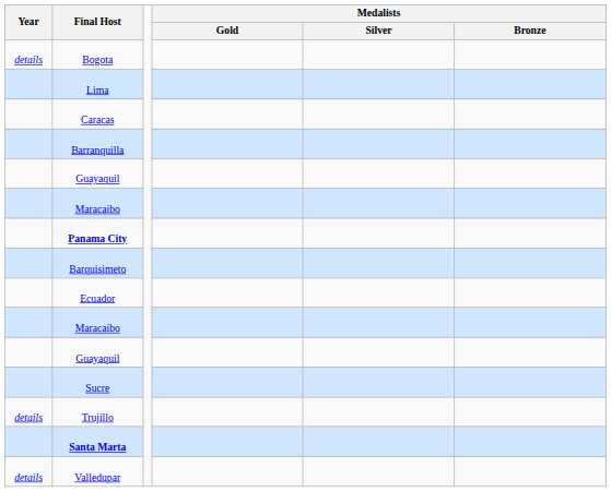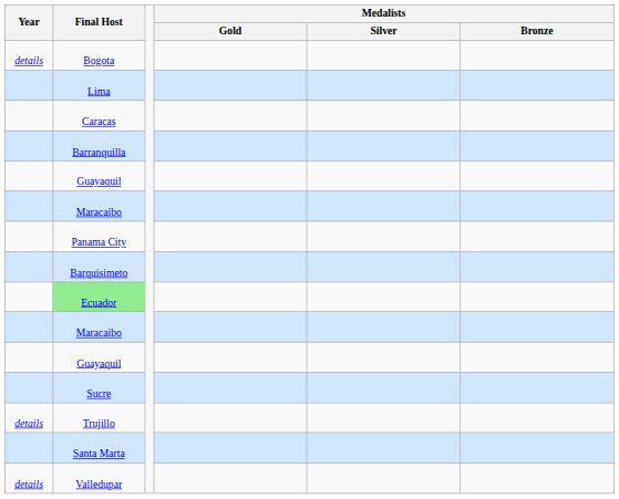 <table class="wikitable" style="font-size:90%; width:65%; text-align: center;">
 <tr>
 <th rowspan="2" style="width:5%;">Year</th>
 <th rowspan="2" style="width:10%;">Final Host</th>
 <td rowspan="50" style="width:1%; border-top:none; border-bottom:none;"></td>
 <th colspan=5>Medalists</th>
 </tr>
 <tr>
 <th width=17%>Gold</th>
 <th colspan="2" style="width:17%;">Silver</th>
 <th colspan="2" style="width:17%;">Bronze</th>
 </tr>
 <tr>
 <td><br><em><a href='#'>details</a></em></td>
 <td><br><a href='#'>Bogota</a></td>
 <td><strong></strong></td>
 <td colspan=2></td>
 <td></td>
 </tr>
 <tr style="background: #D0E6FF;">
 <td></td>
 <td><br><a href='#'>Lima</a></td>
 <td><strong></strong></td>
 <td colspan=2></td>
 <td colspan=2></td>
 </tr>
 <tr>
 <td></td>
 <td><br><a href='#'>Caracas</a></td>
 <td><strong></strong></td>
 <td colspan=2></td>
 <td colspan=2></td>
 </tr>
 <tr style="background: #D0E6FF;">
 <td></td>
 <td><br><a href='#'>Barranquilla</a></td>
 <td><strong></strong></td>
 <td colspan=2></td>
 <td colspan=2></td>
 </tr>
 <tr>
 <td></td>
 <td><br><a href='#'>Guayaquil</a></td>
 <td><strong></strong></td>
 <td colspan=2></td>
 <td colspan=2></td>
 </tr>
 <tr style="background: #D0E6FF;">
 <td></td>
 <td><br><a href='#'>Maracaibo</a></td>
 <td><strong></strong></td>
 <td colspan=2></td>
 <td colspan=2></td>
 </tr>
 <tr>
 <td></td>
-<td><strong><br><a href='#'>Panama City</a></strong></td>
+<td><br><a href='#'>Panama City</a></td>
 <td><strong></strong></td>
 <td colspan=2></td>
 <td colspan=2></td>
 </tr>
 <tr style="background: #D0E6FF;">
 <td></td>
 <td><br><a href='#'>Barquisimeto</a></td>
 <td><strong></strong></td>
 <td colspan=2></td>
 <td colspan=2></td>
 </tr>
 <tr>
 <td></td>
-<td><br><a href='#'>Ecuador</a></td>
+<td style="background: lightgreen;"><br><a href='#'>Ecuador</a></td>
 <td><strong></strong></td>
 <td colspan=2></td>
 <td colspan=2></td>
 </tr>
 <tr style="background: #D0E6FF;">
 <td></td>
 <td><br><a href='#'>Maracaibo</a></td>
 <td><strong></strong></td>
 <td colspan=2></td>
 <td colspan=2></td>
 </tr>
 <tr>
 <td></td>
 <td><br><a href='#'>Guayaquil</a></td>
 <td><strong></strong></td>
 <td colspan=2></td>
 <td colspan=2></td>
 </tr>
 <tr style="background: #D0E6FF;">
 <td></td>
 <td><br><a href='#'>Sucre</a></td>
 <td><strong></strong></td>
 <td colspan=2></td>
 <td colspan=2></td>
 </tr>
 <tr>
 <td><br><em><a href='#'>details</a></em></td>
 <td><br><a href='#'>Trujillo</a></td>
 <td><strong></strong></td>
 <td colspan=2></td>
 <td colspan=2></td>
 </tr>
 <tr style="background: #D0E6FF;">
 <td></td>
-<td><strong><br><a href='#'>Santa Marta</a></strong></td>
+<td><br><a href='#'>Santa Marta</a></td>
 <td><strong></strong></td>
 <td colspan=2></td>
 <td colspan=2></td>
 </tr>
 <tr>
 <td><br><em><a href='#'>details</a></em></td>
 <td><br><a href='#'>Valledupar</a></td>
 <td><strong></strong></td>
 <td colspan=2></td>
 <td colspan=2></td>
 </tr>
 </table>
